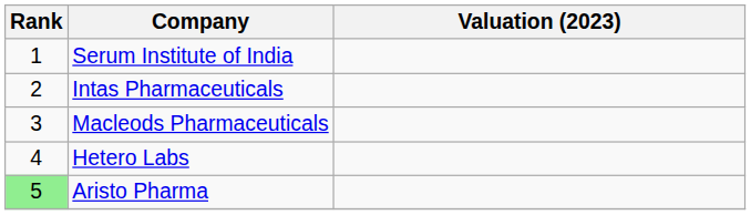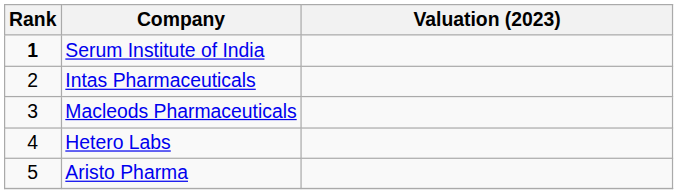 <table class="wikitable sortable plainrowheaders">
 <tr>
 <th>Rank</th>
 <th>Company</th>
 <th width=300>Valuation (2023)</th>
 </tr>
 <tr>
-<td align=center>1</td>
+<td align=center><strong>1</strong></td>
 <td><a href='#'>Serum Institute of India</a></td>
 <td align=right></td>
 </tr>
 <tr>
 <td align=center>2</td>
 <td><a href='#'>Intas Pharmaceuticals</a></td>
 <td align=right></td>
 </tr>
 <tr>
 <td align=center>3</td>
 <td><a href='#'>Macleods Pharmaceuticals</a></td>
 <td align="right"></td>
 </tr>
 <tr>
 <td align="center">4</td>
 <td><a href='#'>Hetero Labs</a></td>
 <td align="right"></td>
 </tr>
 <tr>
-<td align="center" style="background: lightgreen;">5</td>
+<td align="center">5</td>
 <td><a href='#'>Aristo Pharma</a></td>
 <td align="right"></td>
 </tr>
 <tr>
 </tr>
 </table>
